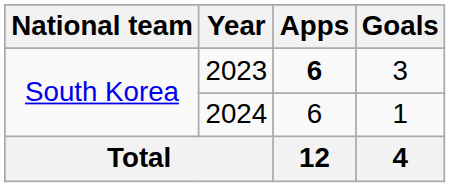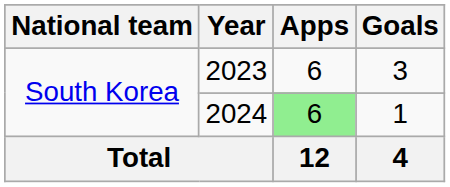 <table class="wikitable" style="text-align:center">
 <tr>
 <th>National team</th>
 <th>Year</th>
 <th>Apps</th>
 <th>Goals</th>
 </tr>
 <tr>
 <td rowspan="2"><a href='#'>South Korea</a></td>
 <td>2023</td>
-<td><strong>6</strong></td>
+<td>6</td>
 <td>3</td>
 </tr>
 <tr>
 <td>2024</td>
-<td>6</td>
+<td style="background: lightgreen;">6</td>
 <td>1</td>
 </tr>
 <tr>
 <th colspan="2">Total</th>
 <th>12</th>
 <th>4</th>
 </tr>
 </table>
